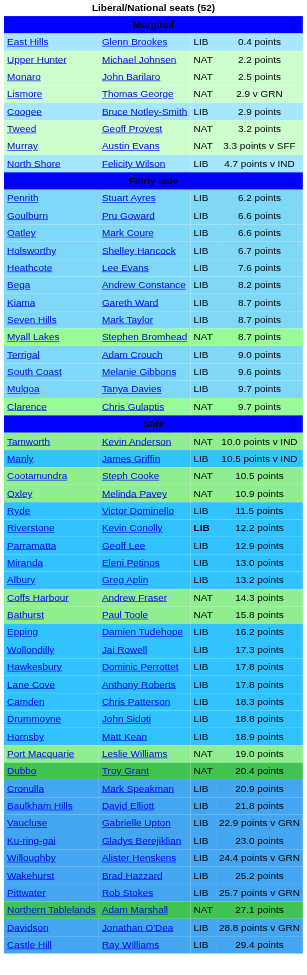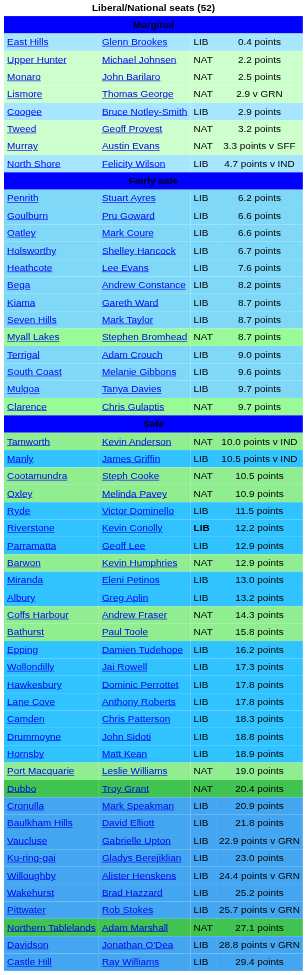 <table class="toccolours" cellpadding="5" cellspacing="0" style="float:left; margin-right:.5em; margin-top:.4em; font-size:90 points;">
 <tr>
 <td COLSPAN=4 align="center"><strong>Liberal/National seats (52)</strong></td>
 </tr>
 <tr>
 <td COLSPAN=4 align="center" bgcolor="Blue"><span><strong>Marginal</strong></span></td>
 </tr>
 <tr>
 <td align="left" bgcolor="A6E7FF"><a href='#'>East Hills</a></td>
 <td align="left" bgcolor="A6E7FF"><a href='#'>Glenn Brookes</a></td>
 <td align="left" bgcolor="A6E7FF">LIB</td>
 <td align="center" bgcolor="A6E7FF">0.4 points</td>
 </tr>
 <tr>
 <td align="left" bgcolor="CCFFCC"><a href='#'>Upper Hunter</a></td>
 <td align="left" bgcolor="CCFFCC"><a href='#'>Michael Johnsen</a></td>
 <td align="left" bgcolor="CCFFCC">NAT</td>
 <td align="center" bgcolor="CCFFCC">2.2 points</td>
 </tr>
 <tr>
 <td align="left" bgcolor="CCFFCC"><a href='#'>Monaro</a></td>
 <td align="left" bgcolor="CCFFCC"><a href='#'>John Barilaro</a></td>
 <td align="left" bgcolor="CCFFCC">NAT</td>
 <td align="center" bgcolor="CCFFCC">2.5 points</td>
 </tr>
 <tr>
 <td align="left" bgcolor="CCFFCC"><a href='#'>Lismore</a></td>
 <td align="left" bgcolor="CCFFCC"><a href='#'>Thomas George</a></td>
 <td align="left" bgcolor="CCFFCC">NAT</td>
 <td align="center" bgcolor="CCFFCC">2.9 v GRN</td>
 </tr>
 <tr>
 <td align="left" bgcolor="A6E7FF"><a href='#'>Coogee</a></td>
 <td align="left" bgcolor="A6E7FF"><a href='#'>Bruce Notley-Smith</a></td>
 <td align="left" bgcolor="A6E7FF">LIB</td>
 <td align="center" bgcolor="A6E7FF">2.9 points</td>
 </tr>
 <tr>
 <td align="left" bgcolor="CCFFCC"><a href='#'>Tweed</a></td>
 <td align="left" bgcolor="CCFFCC"><a href='#'>Geoff Provest</a></td>
 <td align="left" bgcolor="CCFFCC">NAT</td>
 <td align="center" bgcolor="CCFFCC">3.2 points</td>
 </tr>
 <tr>
 <td align="left" bgcolor="CCFFCC"><a href='#'>Murray</a></td>
 <td align="left" bgcolor="CCFFCC"><a href='#'>Austin Evans</a></td>
 <td align="left" bgcolor="CCFFCC">NAT</td>
 <td align="center" bgcolor="CCFFCC">3.3 points v SFF</td>
 </tr>
 <tr>
 <td align="left" bgcolor="A6E7FF"><a href='#'>North Shore</a></td>
 <td align="left" bgcolor="A6E7FF"><a href='#'>Felicity Wilson</a></td>
 <td align="left" bgcolor="A6E7FF">LIB</td>
 <td align="center" bgcolor="A6E7FF">4.7 points v IND</td>
 </tr>
 <tr>
 <td COLSPAN=4 align="center" bgcolor="Blue"><span><strong>Fairly safe</strong></span></td>
 </tr>
 <tr>
 <td align="left" bgcolor="80D8F9"><a href='#'>Penrith</a></td>
 <td align="left" bgcolor="80D8F9"><a href='#'>Stuart Ayres</a></td>
 <td align="left" bgcolor="80D8F9">LIB</td>
 <td align="center" bgcolor="80D8F9">6.2 points</td>
 </tr>
 <tr>
 <td align="left" bgcolor="80D8F9"><a href='#'>Goulburn</a></td>
 <td align="left" bgcolor="80D8F9"><a href='#'>Pru Goward</a></td>
 <td align="left" bgcolor="80D8F9">LIB</td>
 <td align="center" bgcolor="80D8F9">6.6 points</td>
 </tr>
 <tr>
 <td align="left" bgcolor="80D8F9"><a href='#'>Oatley</a></td>
 <td align="left" bgcolor="80D8F9"><a href='#'>Mark Coure</a></td>
 <td align="left" bgcolor="80D8F9">LIB</td>
 <td align="center" bgcolor="80D8F9">6.6 points</td>
 </tr>
 <tr>
 <td align="left" bgcolor="80D8F9"><a href='#'>Holsworthy</a></td>
 <td align="left" bgcolor="80D8F9"><a href='#'>Shelley Hancock</a></td>
 <td align="left" bgcolor="80D8F9">LIB</td>
 <td align="center" bgcolor="80D8F9">6.7 points</td>
 </tr>
 <tr>
 <td align="left" bgcolor="80D8F9"><a href='#'>Heathcote</a></td>
 <td align="left" bgcolor="80D8F9"><a href='#'>Lee Evans</a></td>
 <td align="left" bgcolor="80D8F9">LIB</td>
 <td align="center" bgcolor="80D8F9">7.6 points</td>
 </tr>
 <tr>
 <td align="left" bgcolor="80D8F9"><a href='#'>Bega</a></td>
 <td align="left" bgcolor="80D8F9"><a href='#'>Andrew Constance</a></td>
 <td align="left" bgcolor="80D8F9">LIB</td>
 <td align="center" bgcolor="80D8F9">8.2 points</td>
 </tr>
 <tr>
 <td align="left" bgcolor="80D8F9"><a href='#'>Kiama</a></td>
 <td align="left" bgcolor="80D8F9"><a href='#'>Gareth Ward</a></td>
 <td align="left" bgcolor="80D8F9">LIB</td>
 <td align="center" bgcolor="80D8F9">8.7 points</td>
 </tr>
 <tr>
 <td align="left" bgcolor="80D8F9"><a href='#'>Seven Hills</a></td>
 <td align="left" bgcolor="80D8F9"><a href='#'>Mark Taylor</a></td>
 <td align="left" bgcolor="80D8F9">LIB</td>
 <td align="center" bgcolor="80D8F9">8.7 points</td>
 </tr>
 <tr>
 <td align="left" bgcolor="98FB98"><a href='#'>Myall Lakes</a></td>
 <td align="left" bgcolor="98FB98"><a href='#'>Stephen Bromhead</a></td>
 <td align="left" bgcolor="98FB98">NAT</td>
 <td align="center" bgcolor="98FB98">8.7 points</td>
 </tr>
 <tr>
 <td align="left" bgcolor="80D8F9"><a href='#'>Terrigal</a></td>
 <td align="left" bgcolor="80D8F9"><a href='#'>Adam Crouch</a></td>
 <td align="left" bgcolor="80D8F9">LIB</td>
 <td align="center" bgcolor="80D8F9">9.0 points</td>
 </tr>
 <tr>
 <td align="left" bgcolor="80D8F9"><a href='#'>South Coast</a></td>
 <td align="left" bgcolor="80D8F9"><a href='#'>Melanie Gibbons</a></td>
 <td align="left" bgcolor="80D8F9">LIB</td>
 <td align="center" bgcolor="80D8F9">9.6 points</td>
 </tr>
 <tr>
 <td align="left" bgcolor="80D8F9"><a href='#'>Mulgoa</a></td>
 <td align="left" bgcolor="80D8F9"><a href='#'>Tanya Davies</a></td>
 <td align="left" bgcolor="80D8F9">LIB</td>
 <td align="center" bgcolor="80D8F9">9.7 points</td>
 </tr>
 <tr>
 <td align="left" bgcolor="98FB98"><a href='#'>Clarence</a></td>
 <td align="left" bgcolor="98FB98"><a href='#'>Chris Gulaptis</a></td>
 <td align="left" bgcolor="98FB98">NAT</td>
 <td align="center" bgcolor="98FB98">9.7 points</td>
 </tr>
 <tr>
 <td COLSPAN=4 align="center" bgcolor="blue"><span><strong>Safe</strong></span></td>
 </tr>
 <tr>
 <td align="left" bgcolor="90EE90"><a href='#'>Tamworth</a></td>
 <td align="left" bgcolor="90EE90"><a href='#'>Kevin Anderson</a></td>
 <td align="left" bgcolor="90EE90">NAT</td>
 <td align="center" bgcolor="90EE90">10.0 points v IND</td>
 </tr>
 <tr>
 <td align="left" bgcolor="31C3FF"><a href='#'>Manly</a></td>
 <td align="left" bgcolor="31C3FF"><a href='#'>James Griffin</a></td>
 <td align="left" bgcolor="31C3FF">LIB</td>
 <td align="center" bgcolor="31C3FF">10.5 points v IND</td>
 </tr>
 <tr>
 <td align="left" bgcolor="90EE90"><a href='#'>Cootamundra</a></td>
 <td align="left" bgcolor="90EE90"><a href='#'>Steph Cooke</a></td>
 <td align="left" bgcolor="90EE90">NAT</td>
 <td align="center" bgcolor="90EE90">10.5 points</td>
 </tr>
 <tr>
 <td align="left" bgcolor="90EE90"><a href='#'>Oxley</a></td>
 <td align="left" bgcolor="90EE90"><a href='#'>Melinda Pavey</a></td>
 <td align="left" bgcolor="90EE90">NAT</td>
 <td align="center" bgcolor="90EE90">10.9 points</td>
 </tr>
 <tr>
 <td align="left" bgcolor="31C3FF"><a href='#'>Ryde</a></td>
 <td align="left" bgcolor="31C3FF"><a href='#'>Victor Dominello</a></td>
 <td align="left" bgcolor="31C3FF">LIB</td>
 <td align="center" bgcolor="31C3FF">11.5 points</td>
 </tr>
 <tr>
 <td align="left" bgcolor="31C3FF"><a href='#'>Riverstone</a></td>
 <td align="left" bgcolor="31C3FF"><a href='#'>Kevin Conolly</a></td>
 <td align="left" bgcolor="31C3FF"><strong>LIB</strong></td>
 <td align="center" bgcolor="31C3FF">12.2 points</td>
 </tr>
 <tr>
 <td align="left" bgcolor="31C3FF"><a href='#'>Parramatta</a></td>
 <td align="left" bgcolor="31C3FF"><a href='#'>Geoff Lee</a></td>
 <td align="left" bgcolor="31C3FF">LIB</td>
 <td align="center" bgcolor="31C3FF">12.9 points</td>
 </tr>
 <tr>
+<td align="left" bgcolor="90EE90"><a href='#'>Barwon</a></td>
+<td align="left" bgcolor="90EE90"><a href='#'>Kevin Humphries</a></td>
+<td align="left" bgcolor="90EE90">NAT</td>
+<td align="center" bgcolor="90EE90">12.9 points</td>
+</tr>
+<tr>
 <td align="left" bgcolor="31C3FF"><a href='#'>Miranda</a></td>
 <td align="left" bgcolor="31C3FF"><a href='#'>Eleni Petinos</a></td>
 <td align="left" bgcolor="31C3FF">LIB</td>
 <td align="center" bgcolor="31C3FF">13.0 points</td>
 </tr>
 <tr>
 <td align="left" bgcolor="31C3FF"><a href='#'>Albury</a></td>
 <td align="left" bgcolor="31C3FF"><a href='#'>Greg Aplin</a></td>
 <td align="left" bgcolor="31C3FF">LIB</td>
 <td align="center" bgcolor="31C3FF">13.2 points</td>
 </tr>
 <tr>
 <td align="left" bgcolor="90EE90"><a href='#'>Coffs Harbour</a></td>
 <td align="left" bgcolor="90EE90"><a href='#'>Andrew Fraser</a></td>
 <td align="left" bgcolor="90EE90">NAT</td>
 <td align="center" bgcolor="90EE90">14.3 points</td>
 </tr>
 <tr>
 <td align="left" bgcolor="90EE90"><a href='#'>Bathurst</a></td>
 <td align="left" bgcolor="90EE90"><a href='#'>Paul Toole</a></td>
 <td align="left" bgcolor="90EE90">NAT</td>
 <td align="center" bgcolor="90EE90">15.8 points</td>
 </tr>
 <tr>
 <td align="left" bgcolor="31C3FF"><a href='#'>Epping</a></td>
 <td align="left" bgcolor="31C3FF"><a href='#'>Damien Tudehope</a></td>
 <td align="left" bgcolor="31C3FF">LIB</td>
 <td align="center" bgcolor="31C3FF">16.2 points</td>
 </tr>
 <tr>
 <td align="left" bgcolor="31C3FF"><a href='#'>Wollondilly</a></td>
 <td align="left" bgcolor="31C3FF"><a href='#'>Jai Rowell</a></td>
 <td align="left" bgcolor="31C3FF">LIB</td>
 <td align="center" bgcolor="31C3FF">17.3 points</td>
 </tr>
 <tr>
 <td align="left" bgcolor="31C3FF"><a href='#'>Hawkesbury</a></td>
 <td align="left" bgcolor="31C3FF"><a href='#'>Dominic Perrottet</a></td>
 <td align="left" bgcolor="31C3FF">LIB</td>
 <td align="center" bgcolor="31C3FF">17.8 points</td>
 </tr>
 <tr>
 <td align="left" bgcolor="31C3FF"><a href='#'>Lane Cove</a></td>
 <td align="left" bgcolor="31C3FF"><a href='#'>Anthony Roberts</a></td>
 <td align="left" bgcolor="31C3FF">LIB</td>
 <td align="center" bgcolor="31C3FF">17.8 points</td>
 </tr>
 <tr>
 <td align="left" bgcolor="31C3FF"><a href='#'>Camden</a></td>
 <td align="left" bgcolor="31C3FF"><a href='#'>Chris Patterson</a></td>
 <td align="left" bgcolor="31C3FF">LIB</td>
 <td align="center" bgcolor="31C3FF">18.3 points</td>
 </tr>
 <tr>
 <td align="left" bgcolor="31C3FF"><a href='#'>Drummoyne</a></td>
 <td align="left" bgcolor="31C3FF"><a href='#'>John Sidoti</a></td>
 <td align="left" bgcolor="31C3FF">LIB</td>
 <td align="center" bgcolor="31C3FF">18.8 points</td>
 </tr>
 <tr>
 <td align="left" bgcolor="31C3FF"><a href='#'>Hornsby</a></td>
 <td align="left" bgcolor="31C3FF"><a href='#'>Matt Kean</a></td>
 <td align="left" bgcolor="31C3FF">LIB</td>
 <td align="center" bgcolor="31C3FF">18.9 points</td>
 </tr>
 <tr>
 <td align="left" bgcolor="90EE90"><a href='#'>Port Macquarie</a></td>
 <td align="left" bgcolor="90EE90"><a href='#'>Leslie Williams</a></td>
 <td align="left" bgcolor="90EE90">NAT</td>
 <td align="center" bgcolor="90EE90">19.0 points</td>
 </tr>
 <tr>
 <td align="left" bgcolor="40C351"><a href='#'>Dubbo</a></td>
 <td align="left" bgcolor="40C351"><a href='#'>Troy Grant</a></td>
 <td align="left" bgcolor="40C351">NAT</td>
 <td align="center" bgcolor="40C351">20.4 points</td>
 </tr>
 <tr>
 <td align="left" bgcolor="44A6F1"><a href='#'>Cronulla</a></td>
 <td align="left" bgcolor="44A6F1"><a href='#'>Mark Speakman</a></td>
 <td align="left" bgcolor="44A6F1">LIB</td>
 <td align="center" bgcolor="44A6F1">20.9 points</td>
 </tr>
 <tr>
 <td align="left" bgcolor="44A6F1"><a href='#'>Baulkham Hills</a></td>
 <td align="left" bgcolor="44A6F1"><a href='#'>David Elliott</a></td>
 <td align="left" bgcolor="44A6F1">LIB</td>
 <td align="center" bgcolor="44A6F1">21.8 points</td>
 </tr>
 <tr>
 <td align="left" bgcolor="44A6F1"><a href='#'>Vaucluse</a></td>
 <td align="left" bgcolor="44A6F1"><a href='#'>Gabrielle Upton</a></td>
 <td align="left" bgcolor="44A6F1">LIB</td>
 <td align="center" bgcolor="44A6F1">22.9 points v GRN</td>
 </tr>
 <tr>
 <td align="left" bgcolor="44A6F1"><a href='#'>Ku-ring-gai</a></td>
 <td align="left" bgcolor="44A6F1"><a href='#'>Gladys Berejiklian</a></td>
 <td align="left" bgcolor="44A6F1">LIB</td>
 <td align="center" bgcolor="44A6F1">23.0 points</td>
 </tr>
 <tr>
 <td align="left" bgcolor="44A6F1"><a href='#'>Willoughby</a></td>
 <td align="left" bgcolor="44A6F1"><a href='#'>Alister Henskens</a></td>
 <td align="left" bgcolor="44A6F1">LIB</td>
 <td align="center" bgcolor="44A6F1">24.4 points v GRN</td>
 </tr>
 <tr>
 <td align="left" bgcolor="44A6F1"><a href='#'>Wakehurst</a></td>
 <td align="left" bgcolor="44A6F1"><a href='#'>Brad Hazzard</a></td>
 <td align="left" bgcolor="44A6F1">LIB</td>
 <td align="center" bgcolor="44A6F1">25.2 points</td>
 </tr>
 <tr>
 <td align="left" bgcolor="44A6F1"><a href='#'>Pittwater</a></td>
 <td align="left" bgcolor="44A6F1"><a href='#'>Rob Stokes</a></td>
 <td align="left" bgcolor="44A6F1">LIB</td>
 <td align="center" bgcolor="44A6F1">25.7 points v GRN</td>
 </tr>
 <tr>
 <td align="left" bgcolor="40C351"><a href='#'>Northern Tablelands</a></td>
 <td align="left" bgcolor="40C351"><a href='#'>Adam Marshall</a></td>
 <td align="left" bgcolor="40C351">NAT</td>
 <td align="center" bgcolor="40C351">27.1 points</td>
 </tr>
 <tr>
 <td align="left" bgcolor="44A6F1"><a href='#'>Davidson</a></td>
 <td align="left" bgcolor="44A6F1"><a href='#'>Jonathan O'Dea</a></td>
 <td align="left" bgcolor="44A6F1">LIB</td>
 <td align="center" bgcolor="44A6F1">28.8 points v GRN</td>
 </tr>
 <tr>
 <td align="left" bgcolor="44A6F1"><a href='#'>Castle Hill</a></td>
 <td align="left" bgcolor="44A6F1"><a href='#'>Ray Williams</a></td>
 <td align="left" bgcolor="44A6F1">LIB</td>
 <td align="center" bgcolor="44A6F1">29.4 points</td>
 </tr>
 <tr>
 </tr>
 </table>
